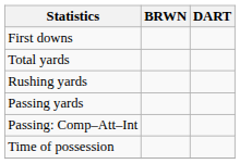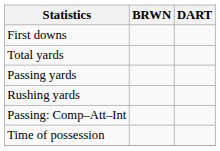 <table class="wikitable" style="float: left;">
 <tr>
 <th>Statistics</th>
 <th>BRWN</th>
 <th>DART</th>
 </tr>
 <tr>
 <td>First downs</td>
 <td></td>
 <td></td>
 </tr>
 <tr>
 <td>Total yards</td>
 <td></td>
 <td></td>
 </tr>
 <tr>
-<td>Rushing yards</td>
+<td>Passing yards</td>
 <td></td>
 <td></td>
 </tr>
 <tr>
-<td>Passing yards</td>
+<td>Rushing yards</td>
 <td></td>
 <td></td>
 </tr>
 <tr>
 <td>Passing: Comp–Att–Int</td>
 <td></td>
 <td></td>
 </tr>
 <tr>
 <td>Time of possession</td>
 <td></td>
 <td></td>
 </tr>
 <tr>
 </tr>
 </table>
